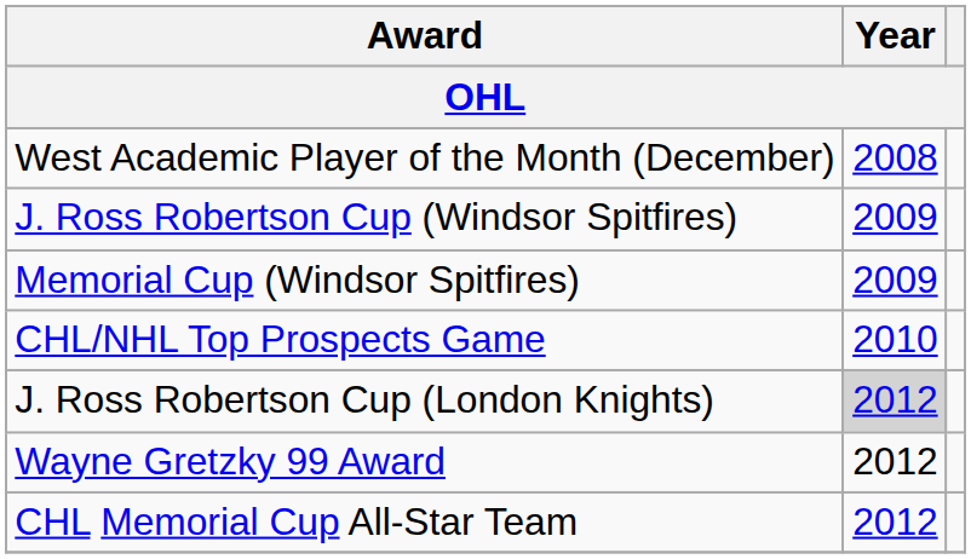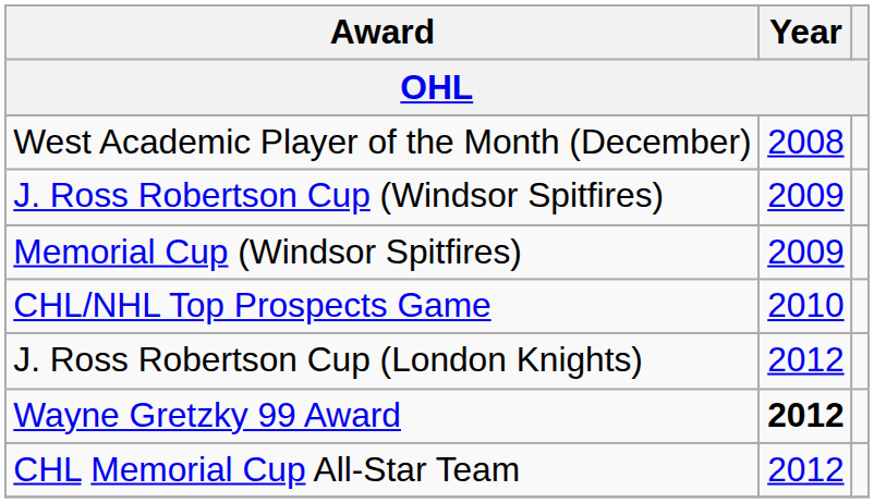 <table class="wikitable">
 <tr>
 <th>Award</th>
 <th>Year</th>
 <th></th>
 </tr>
 <tr ALIGN="center" bgcolor="#e0e0e0">
 <th colspan="3"><a href='#'>OHL</a></th>
 </tr>
 <tr>
 <td>West Academic Player of the Month (December)</td>
 <td><a href='#'>2008</a></td>
 <td></td>
 </tr>
 <tr>
 <td><a href='#'>J. Ross Robertson Cup</a> (Windsor Spitfires)</td>
 <td><a href='#'>2009</a></td>
 <td></td>
 </tr>
 <tr>
 <td><a href='#'>Memorial Cup</a> (Windsor Spitfires)</td>
 <td><a href='#'>2009</a></td>
 <td></td>
 </tr>
 <tr>
 <td><a href='#'>CHL/NHL Top Prospects Game</a></td>
 <td><a href='#'>2010</a></td>
 <td></td>
 </tr>
 <tr>
 <td>J. Ross Robertson Cup (London Knights)</td>
-<td style="background: lightgrey;"><a href='#'>2012</a></td>
+<td><a href='#'>2012</a></td>
 <td></td>
 </tr>
 <tr>
 <td><a href='#'>Wayne Gretzky 99 Award</a></td>
-<td>2012</td>
+<td><strong>2012</strong></td>
 <td></td>
 </tr>
 <tr>
 <td><a href='#'>CHL</a> <a href='#'>Memorial Cup</a> All-Star Team</td>
 <td><a href='#'>2012</a></td>
 <td></td>
 </tr>
 <tr>
 </tr>
 </table>
